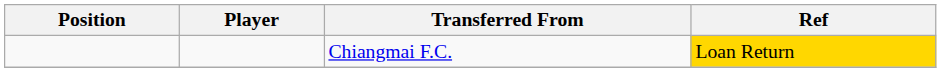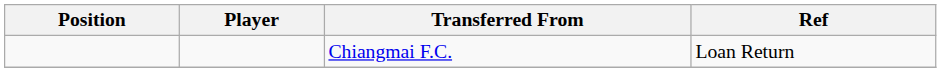 <table class="wikitable sortable" style="width:60%; text-align:center; font-size:100%; text-align:left;">
 <tr>
 <th>Position</th>
 <th>Player</th>
 <th>Transferred From</th>
 <th>Ref</th>
 </tr>
 <tr>
 <td></td>
 <td></td>
 <td> <a href='#'>Chiangmai F.C.</a></td>
-<td style="background: gold;">Loan Return </td>
+<td>Loan Return </td>
 </tr>
 <tr>
 </tr>
 </table>
